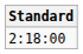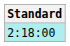 <table class="wikitable" border="1" align="upright">
 <tr>
 <th>Standard</th>
 </tr>
 <tr>
-<td>2:18:00</td>
+<td style="background: paleturquoise;">2:18:00</td>
 </tr>
 </table>
